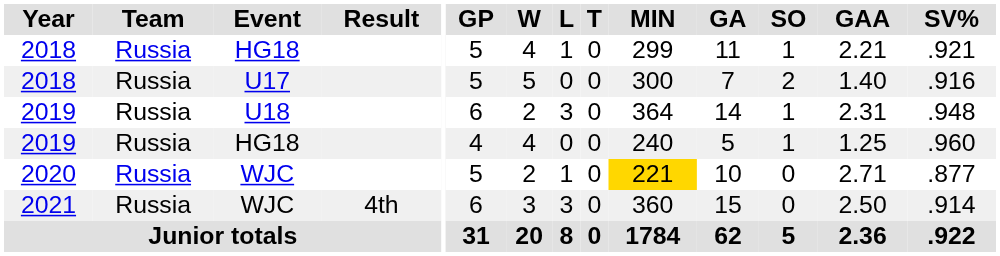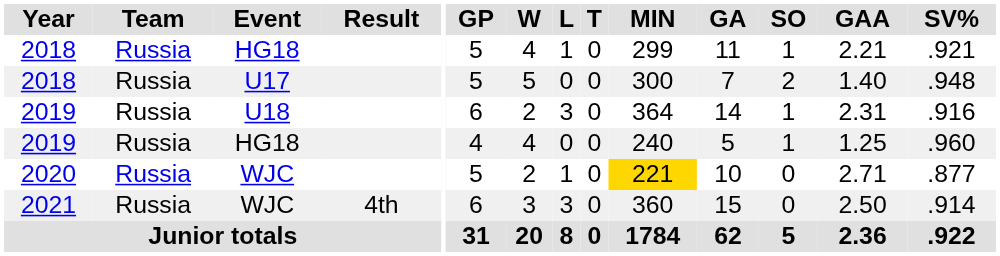 <table border="0" cellpadding="1" cellspacing="0" ID="Table3" style="text-align:center; width:40em;">
 <tr bgcolor="#e0e0e0">
 <th>Year</th>
 <th>Team</th>
 <th>Event</th>
 <th>Result</th>
 <th rowspan="99" bgcolor="#ffffff"></th>
 <th>GP</th>
 <th>W</th>
 <th>L</th>
 <th>T</th>
 <th>MIN</th>
 <th>GA</th>
 <th>SO</th>
 <th>GAA</th>
 <th>SV%</th>
 </tr>
 <tr>
 <td><a href='#'>2018</a></td>
 <td><a href='#'>Russia</a></td>
 <td><a href='#'>HG18</a></td>
 <td></td>
 <td>5</td>
 <td>4</td>
 <td>1</td>
 <td>0</td>
 <td>299</td>
 <td>11</td>
 <td>1</td>
 <td>2.21</td>
 <td>.921</td>
 </tr>
 <tr bgcolor="#f0f0f0">
 <td><a href='#'>2018</a></td>
 <td>Russia</td>
 <td><a href='#'>U17</a></td>
 <td></td>
 <td>5</td>
 <td>5</td>
 <td>0</td>
 <td>0</td>
 <td>300</td>
 <td>7</td>
 <td>2</td>
 <td>1.40</td>
-<td>.916</td>
+<td>.948</td>
 </tr>
 <tr>
 <td><a href='#'>2019</a></td>
 <td>Russia</td>
 <td><a href='#'>U18</a></td>
 <td></td>
 <td>6</td>
 <td>2</td>
 <td>3</td>
 <td>0</td>
 <td>364</td>
 <td>14</td>
 <td>1</td>
 <td>2.31</td>
-<td>.948</td>
+<td>.916</td>
 </tr>
 <tr bgcolor="#f0f0f0">
 <td><a href='#'>2019</a></td>
 <td>Russia</td>
 <td>HG18</td>
 <td></td>
 <td>4</td>
 <td>4</td>
 <td>0</td>
 <td>0</td>
 <td>240</td>
 <td>5</td>
 <td>1</td>
 <td>1.25</td>
 <td>.960</td>
 </tr>
 <tr>
 <td><a href='#'>2020</a></td>
 <td><a href='#'>Russia</a></td>
 <td><a href='#'>WJC</a></td>
 <td></td>
 <td>5</td>
 <td>2</td>
 <td>1</td>
 <td>0</td>
 <td style="background: gold;">221</td>
 <td>10</td>
 <td>0</td>
 <td>2.71</td>
 <td>.877</td>
 </tr>
 <tr bgcolor="#f0f0f0">
 <td><a href='#'>2021</a></td>
 <td>Russia</td>
 <td>WJC</td>
 <td>4th</td>
 <td>6</td>
 <td>3</td>
 <td>3</td>
 <td>0</td>
 <td>360</td>
 <td>15</td>
 <td>0</td>
 <td>2.50</td>
 <td>.914</td>
 </tr>
 <tr bgcolor="#e0e0e0">
 <th colspan="4">Junior totals</th>
 <th>31</th>
 <th>20</th>
 <th>8</th>
 <th>0</th>
 <th>1784</th>
 <th>62</th>
 <th>5</th>
 <th>2.36</th>
 <th>.922</th>
 </tr>
 </table>
